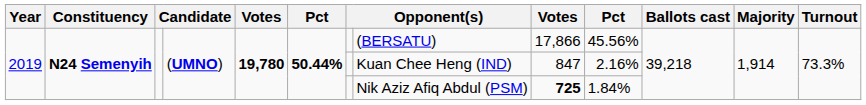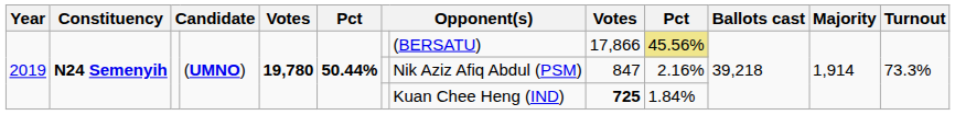 <table class="wikitable" style="margin:0.5em ; font-size:95%">
 <tr>
 <th>Year</th>
 <th>Constituency</th>
 <th colspan=2>Candidate</th>
 <th>Votes</th>
 <th>Pct</th>
 <th colspan=2>Opponent(s)</th>
 <th>Votes</th>
 <th>Pct</th>
 <th>Ballots cast</th>
 <th>Majority</th>
 <th>Turnout</th>
 </tr>
 <tr>
 <td rowspan=3><a href='#'>2019</a></td>
 <td rowspan=3><strong>N24 <a href='#'>Semenyih</a></strong></td>
 <td rowspan=3 ></td>
 <td rowspan=3> (<a href='#'><strong>UMNO</strong></a>)</td>
 <td rowspan=3 align="right"><strong>19,780</strong></td>
 <td rowspan=3><strong>50.44%</strong></td>
 <td></td>
 <td> (<a href='#'>BERSATU</a>)</td>
 <td align="right">17,866</td>
-<td>45.56%</td>
+<td style="background: khaki;">45.56%</td>
 <td rowspan=3>39,218</td>
 <td rowspan=3>1,914</td>
 <td rowspan=3>73.3%</td>
 </tr>
 <tr>
 <td bgcolor=></td>
-<td>Kuan Chee Heng (<a href='#'>IND</a>)</td>
+<td>Nik Aziz Afiq Abdul (<a href='#'>PSM</a>)</td>
 <td align="right">847</td>
 <td align=right>2.16%</td>
 </tr>
 <tr>
 <td></td>
-<td>Nik Aziz Afiq Abdul (<a href='#'>PSM</a>)</td>
+<td>Kuan Chee Heng (<a href='#'>IND</a>)</td>
 <td align="right"><strong>725</strong></td>
 <td>1.84%</td>
 </tr>
 </table>
